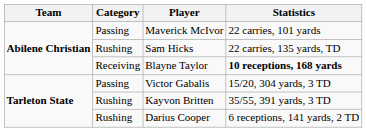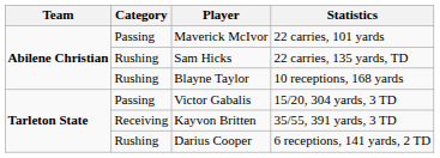 <table class="wikitable" style="float: right;">
 <tr>
 <th>Team</th>
 <th>Category</th>
 <th>Player</th>
 <th>Statistics</th>
 </tr>
 <tr>
 <td rowspan=3><strong>Abilene Christian</strong></td>
 <td>Passing</td>
 <td>Maverick McIvor</td>
 <td>22 carries, 101 yards</td>
 </tr>
 <tr>
 <td>Rushing</td>
 <td>Sam Hicks</td>
 <td>22 carries, 135 yards, TD</td>
 </tr>
 <tr>
-<td>Receiving</td>
+<td>Rushing</td>
 <td>Blayne Taylor</td>
-<td><strong>10 receptions, 168 yards</strong></td>
+<td>10 receptions, 168 yards</td>
 </tr>
 <tr>
 <td rowspan=3><strong>Tarleton State</strong></td>
 <td>Passing</td>
 <td>Victor Gabalis</td>
 <td>15/20, 304 yards, 3 TD</td>
 </tr>
 <tr>
-<td>Rushing</td>
+<td>Receiving</td>
 <td>Kayvon Britten</td>
 <td>35/55, 391 yards, 3 TD</td>
 </tr>
 <tr>
 <td>Rushing</td>
 <td>Darius Cooper</td>
 <td>6 receptions, 141 yards, 2 TD</td>
 </tr>
 </table>
